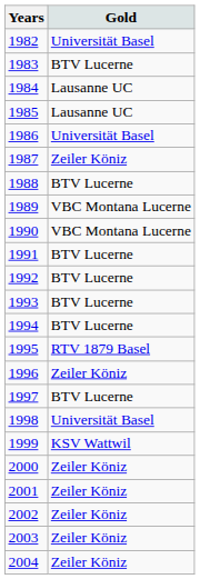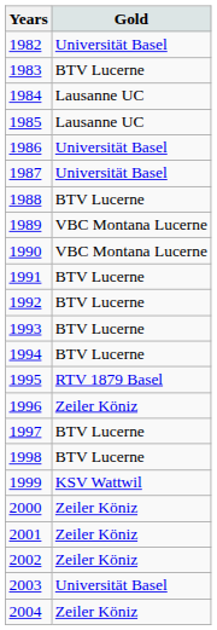 <table class="wikitable" style="display:inline-table;">
 <tr>
 <th>Years</th>
 <th scope="col" style="background-color: #DCE5E5;"> Gold</th>
 </tr>
 <tr>
 <td><a href='#'>1982</a></td>
 <td><a href='#'>Universität Basel</a></td>
 </tr>
 <tr>
 <td><a href='#'>1983</a></td>
 <td>BTV Lucerne</td>
 </tr>
 <tr>
 <td><a href='#'>1984</a></td>
 <td>Lausanne UC</td>
 </tr>
 <tr>
 <td><a href='#'>1985</a></td>
 <td>Lausanne UC</td>
 </tr>
 <tr>
 <td><a href='#'>1986</a></td>
 <td><a href='#'>Universität Basel</a></td>
 </tr>
 <tr>
 <td><a href='#'>1987</a></td>
-<td><a href='#'>Zeiler Köniz</a></td>
+<td><a href='#'>Universität Basel</a></td>
 </tr>
 <tr>
 <td><a href='#'>1988</a></td>
 <td>BTV Lucerne</td>
 </tr>
 <tr>
 <td><a href='#'>1989</a></td>
 <td>VBC Montana Lucerne</td>
 </tr>
 <tr>
 <td><a href='#'>1990</a></td>
 <td>VBC Montana Lucerne</td>
 </tr>
 <tr>
 <td><a href='#'>1991</a></td>
 <td>BTV Lucerne</td>
 </tr>
 <tr>
 <td><a href='#'>1992</a></td>
 <td>BTV Lucerne</td>
 </tr>
 <tr>
 <td><a href='#'>1993</a></td>
 <td>BTV Lucerne</td>
 </tr>
 <tr>
 <td><a href='#'>1994</a></td>
 <td>BTV Lucerne</td>
 </tr>
 <tr>
 <td><a href='#'>1995</a></td>
 <td><a href='#'>RTV 1879 Basel</a></td>
 </tr>
 <tr>
 <td><a href='#'>1996</a></td>
 <td><a href='#'>Zeiler Köniz</a></td>
 </tr>
 <tr>
 <td><a href='#'>1997</a></td>
 <td>BTV Lucerne</td>
 </tr>
 <tr>
 <td><a href='#'>1998</a></td>
-<td><a href='#'>Universität Basel</a></td>
+<td>BTV Lucerne</td>
 </tr>
 <tr>
 <td><a href='#'>1999</a></td>
 <td><a href='#'>KSV Wattwil</a></td>
 </tr>
 <tr>
 <td><a href='#'>2000</a></td>
 <td><a href='#'>Zeiler Köniz</a></td>
 </tr>
 <tr>
 <td><a href='#'>2001</a></td>
 <td><a href='#'>Zeiler Köniz</a></td>
 </tr>
 <tr>
 <td><a href='#'>2002</a></td>
 <td><a href='#'>Zeiler Köniz</a></td>
 </tr>
 <tr>
 <td><a href='#'>2003</a></td>
-<td><a href='#'>Zeiler Köniz</a></td>
+<td><a href='#'>Universität Basel</a></td>
 </tr>
 <tr>
 <td><a href='#'>2004</a></td>
 <td><a href='#'>Zeiler Köniz</a></td>
 </tr>
 </table>
